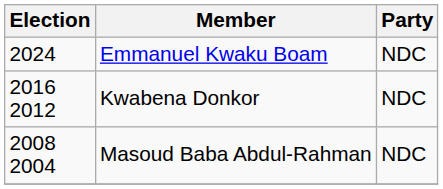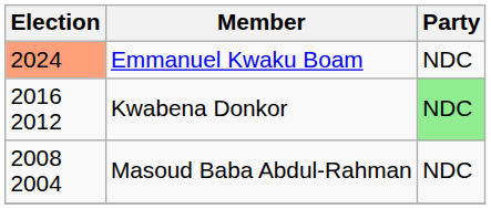 <table class="wikitable">
 <tr>
 <th>Election</th>
 <th>Member</th>
 <th>Party</th>
 </tr>
 <tr>
-<td>2024</td>
+<td style="background: lightsalmon;">2024</td>
 <td><a href='#'>Emmanuel Kwaku Boam</a></td>
 <td>NDC</td>
 </tr>
 <tr>
 <td>2016<br>2012</td>
 <td>Kwabena Donkor</td>
-<td>NDC</td>
+<td style="background: lightgreen;">NDC</td>
 </tr>
 <tr>
 <td>2008<br>2004</td>
 <td>Masoud Baba Abdul-Rahman</td>
 <td>NDC</td>
 </tr>
 <tr>
 </tr>
 </table>
